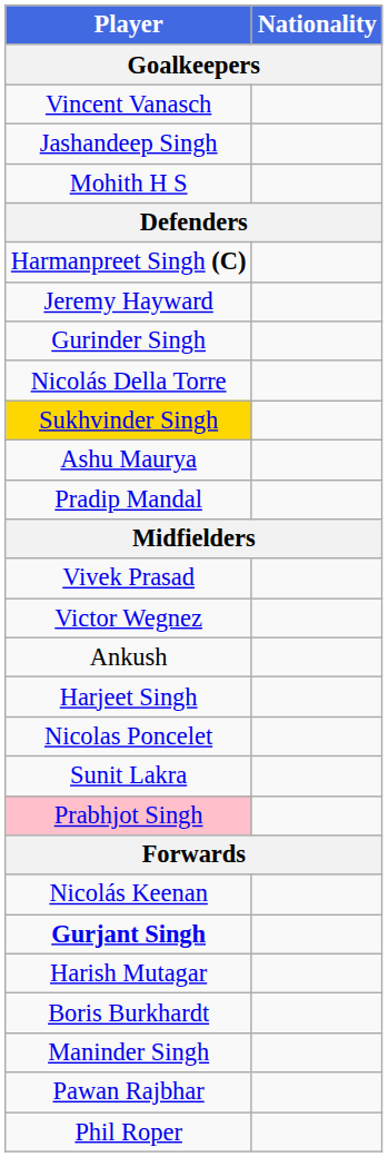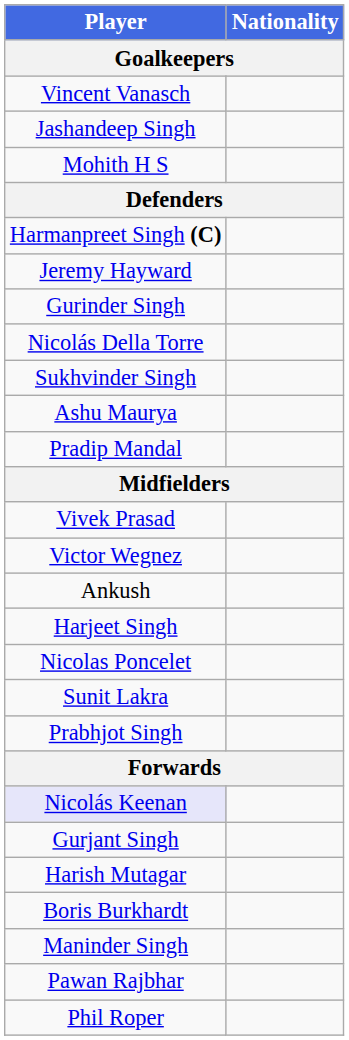 <table class="wikitable" style="text-align:center;">
 <tr>
 <th style="background: #4169E1; color:#FFFFFF">Player</th>
 <th style="background: #4169E1; color:#FFFFFF">Nationality</th>
 </tr>
 <tr>
 <th colspan=4>Goalkeepers</th>
 </tr>
 <tr>
 <td><a href='#'>Vincent Vanasch</a></td>
 <td></td>
 </tr>
 <tr>
 <td><a href='#'>Jashandeep Singh</a></td>
 <td></td>
 </tr>
 <tr>
 <td><a href='#'>Mohith H S</a></td>
 <td></td>
 </tr>
 <tr>
 <th colspan=4>Defenders</th>
 </tr>
 <tr>
 <td><a href='#'>Harmanpreet Singh</a> <strong>(C)</strong></td>
 <td></td>
 </tr>
 <tr>
 <td><a href='#'>Jeremy Hayward</a></td>
 <td></td>
 </tr>
 <tr>
 <td><a href='#'>Gurinder Singh</a></td>
 <td></td>
 </tr>
 <tr>
 <td><a href='#'>Nicolás Della Torre</a></td>
 <td></td>
 </tr>
 <tr>
-<td style="background: gold;"><a href='#'>Sukhvinder Singh</a></td>
+<td><a href='#'>Sukhvinder Singh</a></td>
 <td></td>
 </tr>
 <tr>
 <td><a href='#'>Ashu Maurya</a></td>
 <td></td>
 </tr>
 <tr>
 <td><a href='#'>Pradip Mandal</a></td>
 <td></td>
 </tr>
 <tr>
 <th colspan=4>Midfielders</th>
 </tr>
 <tr>
 <td><a href='#'>Vivek Prasad</a></td>
 <td></td>
 </tr>
 <tr>
 <td><a href='#'>Victor Wegnez</a></td>
 <td></td>
 </tr>
 <tr>
 <td>Ankush</td>
 <td></td>
 </tr>
 <tr>
 <td><a href='#'>Harjeet Singh</a></td>
 <td></td>
 </tr>
 <tr>
 <td><a href='#'>Nicolas Poncelet</a></td>
 <td></td>
 </tr>
 <tr>
 <td><a href='#'>Sunit Lakra</a></td>
 <td></td>
 </tr>
 <tr>
-<td style="background: pink;"><a href='#'>Prabhjot Singh</a></td>
+<td><a href='#'>Prabhjot Singh</a></td>
 <td></td>
 </tr>
 <tr>
 <th colspan=4>Forwards</th>
 </tr>
 <tr>
-<td><a href='#'>Nicolás Keenan</a></td>
+<td style="background: lavender;"><a href='#'>Nicolás Keenan</a></td>
 <td></td>
 </tr>
 <tr>
-<td><strong><a href='#'>Gurjant Singh</a></strong></td>
+<td><a href='#'>Gurjant Singh</a></td>
 <td></td>
 </tr>
 <tr>
 <td><a href='#'>Harish Mutagar</a></td>
 <td></td>
 </tr>
 <tr>
 <td><a href='#'>Boris Burkhardt</a></td>
 <td></td>
 </tr>
 <tr>
 <td><a href='#'>Maninder Singh</a></td>
 <td></td>
 </tr>
 <tr>
 <td><a href='#'>Pawan Rajbhar</a></td>
 <td></td>
 </tr>
 <tr>
 <td><a href='#'>Phil Roper</a></td>
 <td></td>
 </tr>
 </table>
